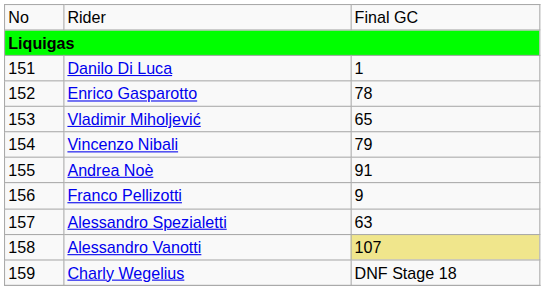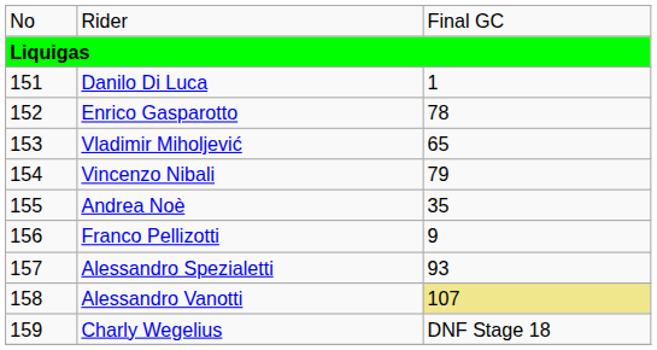 <table class=wikitable style="font-size:95%" width="40%">
 <tr>
 <td>No</td>
 <td>Rider</td>
 <td>Final GC</td>
 </tr>
 <tr>
 <td colspan=3 bgcolor="lime" style="text:blue"><strong>Liquigas</strong></td>
 </tr>
 <tr>
 <td>151</td>
 <td> <a href='#'>Danilo Di Luca</a></td>
 <td>1</td>
 </tr>
 <tr>
 <td>152</td>
 <td> <a href='#'>Enrico Gasparotto</a></td>
 <td>78</td>
 </tr>
 <tr>
 <td>153</td>
 <td> <a href='#'>Vladimir Miholjević</a></td>
 <td>65</td>
 </tr>
 <tr>
 <td>154</td>
 <td> <a href='#'>Vincenzo Nibali</a></td>
 <td>79</td>
 </tr>
 <tr>
 <td>155</td>
 <td> <a href='#'>Andrea Noè</a></td>
-<td>91</td>
+<td>35</td>
 </tr>
 <tr>
 <td>156</td>
 <td> <a href='#'>Franco Pellizotti</a></td>
 <td>9</td>
 </tr>
 <tr>
 <td>157</td>
 <td> <a href='#'>Alessandro Spezialetti</a></td>
-<td>63</td>
+<td>93</td>
 </tr>
 <tr>
 <td>158</td>
 <td> <a href='#'>Alessandro Vanotti</a></td>
 <td style="background: khaki;">107</td>
 </tr>
 <tr>
 <td>159</td>
 <td> <a href='#'>Charly Wegelius</a></td>
 <td>DNF Stage 18</td>
 </tr>
 <tr>
 </tr>
 </table>
